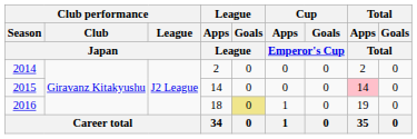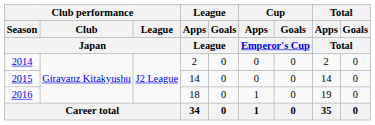 <table class="wikitable" style="text-align:center">
 <tr>
 <th colspan=3>Club performance</th>
 <th colspan=2>League</th>
 <th colspan=2>Cup</th>
 <th colspan=2>Total</th>
 </tr>
 <tr>
 <th>Season</th>
 <th>Club</th>
 <th>League</th>
 <th>Apps</th>
 <th>Goals</th>
 <th>Apps</th>
 <th>Goals</th>
 <th>Apps</th>
 <th>Goals</th>
 </tr>
 <tr>
 <th colspan=3>Japan</th>
 <th colspan=2>League</th>
 <th colspan=2><a href='#'>Emperor's Cup</a></th>
 <th colspan=2>Total</th>
 </tr>
 <tr>
 <td><a href='#'>2014</a></td>
 <td rowspan="3"><a href='#'>Giravanz Kitakyushu</a></td>
 <td rowspan="3"><a href='#'>J2 League</a></td>
 <td>2</td>
 <td>0</td>
 <td>0</td>
 <td>0</td>
 <td>2</td>
 <td>0</td>
 </tr>
 <tr>
 <td><a href='#'>2015</a></td>
 <td>14</td>
 <td>0</td>
 <td>0</td>
 <td>0</td>
-<td style="background: pink;">14</td>
+<td>14</td>
 <td>0</td>
 </tr>
 <tr>
 <td><a href='#'>2016</a></td>
 <td>18</td>
-<td style="background: khaki;">0</td>
+<td>0</td>
 <td>1</td>
 <td>0</td>
 <td>19</td>
 <td>0</td>
 </tr>
 <tr>
 <th colspan=3>Career total</th>
 <th>34</th>
 <th>0</th>
 <th>1</th>
 <th>0</th>
 <th>35</th>
 <th>0</th>
 </tr>
 </table>
